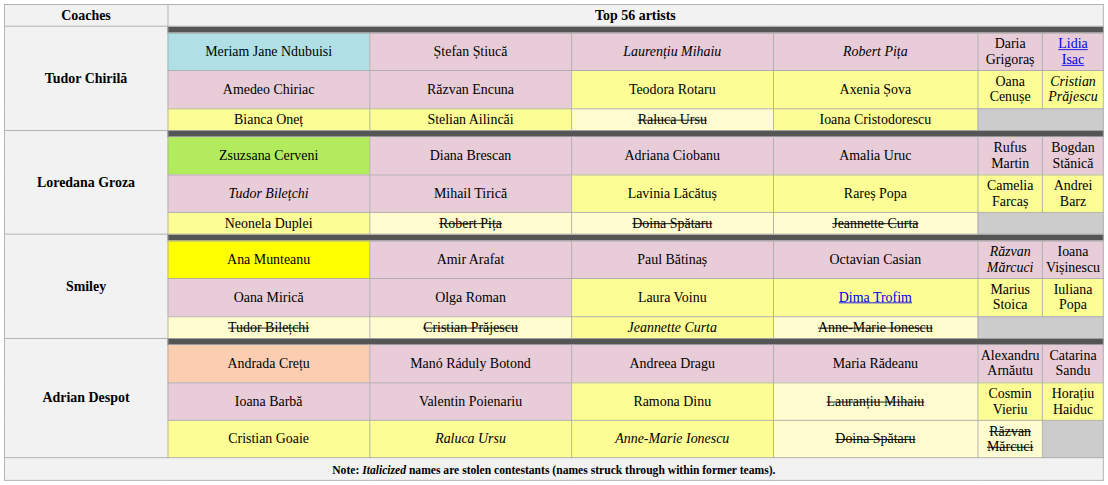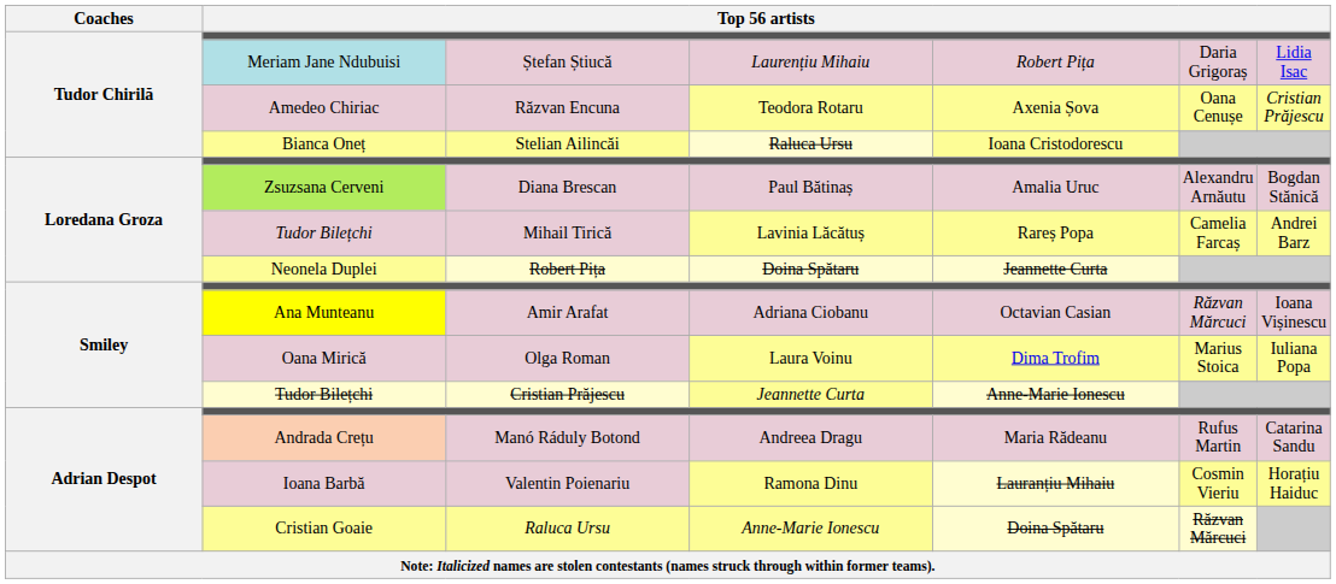 <table class="wikitable" style="text-align:center; width:100%;">
 <tr>
 <th scope="col" style="width:16%;">Coaches</th>
 <th scope="col" style="width:84%;" colspan="10">Top 56 artists</th>
 </tr>
 <tr>
 <th rowspan="4">Tudor Chirilă</th>
 <td colspan="6" style="background:#555;"></td>
 </tr>
 <tr>
 <td width="20%" width="14%" bgcolor="#B0E0E6">Meriam Jane Ndubuisi</td>
 <td width="20%" width="14%" bgcolor="#E8CCD7">Ștefan Știucă</td>
 <td width="20%" width="14%" bgcolor="#E8CCD7"><em>Laurențiu Mihaiu</em></td>
 <td bgcolor="#E8CCD7"><em>Robert Pița</em></td>
 <td width="20%" width="14%" bgcolor="#E8CCD7">Daria Grigoraș</td>
 <td width="20%" width="14%" bgcolor="#E8CCD7"><a href='#'>Lidia Isac</a></td>
 </tr>
 <tr>
 <td bgcolor="#E8CCD7">Amedeo Chiriac</td>
 <td bgcolor="#E8CCD7">Răzvan Encuna</td>
 <td bgcolor="#FDFD96">Teodora Rotaru</td>
 <td bgcolor="#FDFD96">Axenia Șova</td>
 <td bgcolor="#FDFD96">Oana Cenușe</td>
 <td bgcolor="#FDFD96"><em>Cristian Prăjescu</em></td>
 </tr>
 <tr>
 <td bgcolor="#FDFD96">Bianca Oneț</td>
 <td bgcolor="#FDFD96">Stelian Ailincăi</td>
 <td bgcolor="#FFFDD0"><s>Raluca Ursu</s></td>
 <td bgcolor="#FDFD96">Ioana Cristodorescu</td>
 <td style="background:#ccc;" colspan="2"></td>
 </tr>
 <tr>
 <th rowspan="4">Loredana Groza</th>
 <td colspan="6" style="background:#555;"></td>
 </tr>
 <tr>
 <td bgcolor="#B2EC5D">Zsuzsana Cerveni</td>
 <td bgcolor="#E8CCD7">Diana Brescan</td>
-<td bgcolor="#E8CCD7">Adriana Ciobanu</td>
+<td bgcolor="#E8CCD7">Paul Bătinaș</td>
 <td bgcolor="#E8CCD7">Amalia Uruc</td>
-<td bgcolor="#E8CCD7">Rufus Martin</td>
+<td bgcolor="#E8CCD7">Alexandru Arnăutu</td>
 <td bgcolor="#E8CCD7">Bogdan Stănică</td>
 </tr>
 <tr>
 <td bgcolor="#E8CCD7"><em>Tudor Bilețchi</em></td>
 <td bgcolor="#E8CCD7">Mihail Tirică</td>
 <td bgcolor="#FDFD96">Lavinia Lăcătuș</td>
 <td bgcolor="#FDFD96">Rareș Popa</td>
 <td bgcolor="#FDFD96">Camelia Farcaș</td>
 <td bgcolor="#FDFD96">Andrei Barz</td>
 </tr>
 <tr>
 <td bgcolor="#FDFD96">Neonela Duplei</td>
 <td bgcolor="#FFFDD0"><s>Robert Pița</s></td>
 <td bgcolor="#FFFDD0"><s>Doina Spătaru</s></td>
 <td bgcolor="#FFFDD0"><s>Jeannette Curta</s></td>
 <td style="background:#ccc;" colspan="3"></td>
 </tr>
 <tr>
 <th rowspan="4">Smiley</th>
 <td colspan="6" style="background:#555;"></td>
 </tr>
 <tr>
 <td bgcolor="yellow">Ana Munteanu</td>
 <td bgcolor="#E8CCD7">Amir Arafat</td>
-<td bgcolor="#E8CCD7">Paul Bătinaș</td>
+<td bgcolor="#E8CCD7">Adriana Ciobanu</td>
 <td bgcolor="#E8CCD7">Octavian Casian</td>
 <td bgcolor="#E8CCD7"><em>Răzvan Mărcuci</em></td>
 <td bgcolor="#E8CCD7">Ioana Vișinescu</td>
 </tr>
 <tr>
 <td bgcolor="#E8CCD7">Oana Mirică</td>
 <td bgcolor="#E8CCD7">Olga Roman</td>
 <td bgcolor="#FDFD96">Laura Voinu</td>
 <td bgcolor="#FDFD96"><a href='#'>Dima Trofim</a></td>
 <td bgcolor="#FDFD96">Marius Stoica</td>
 <td bgcolor="#FDFD96">Iuliana Popa</td>
 </tr>
 <tr>
 <td bgcolor="#FFFDD0"><s>Tudor Bilețchi</s></td>
 <td bgcolor="#FFFDD0"><s>Cristian Prăjescu</s></td>
 <td bgcolor="#FDFD96"><em>Jeannette Curta</em></td>
 <td bgcolor="#FFFDD0"><s>Anne-Marie Ionescu</s></td>
 <td style="background:#ccc;" colspan="3"></td>
 </tr>
 <tr>
 <th rowspan="4">Adrian Despot</th>
 <td colspan="6" style="background:#555;"></td>
 </tr>
 <tr>
 <td bgcolor="#FBCEB1">Andrada Crețu</td>
 <td bgcolor="#E8CCD7">Manó Ráduly Botond</td>
 <td bgcolor="#E8CCD7">Andreea Dragu</td>
 <td width="20%" width="14%" bgcolor="#E8CCD7">Maria Rădeanu</td>
-<td bgcolor="#E8CCD7">Alexandru Arnăutu</td>
+<td bgcolor="#E8CCD7">Rufus Martin</td>
 <td bgcolor="#E8CCD7">Catarina Sandu</td>
 </tr>
 <tr>
 <td bgcolor="#E8CCD7">Ioana Barbă</td>
 <td bgcolor="#E8CCD7">Valentin Poienariu</td>
 <td bgcolor="#FDFD96">Ramona Dinu</td>
 <td bgcolor="#FFFDD0"><s>Lauranțiu Mihaiu</s></td>
 <td bgcolor="#FDFD96">Cosmin Vieriu</td>
 <td bgcolor="#FDFD96">Horațiu Haiduc</td>
 </tr>
 <tr>
 <td bgcolor="#FDFD96">Cristian Goaie</td>
 <td bgcolor="#FDFD96"><em>Raluca Ursu</em></td>
 <td bgcolor="#FDFD96"><em>Anne-Marie Ionescu</em></td>
 <td bgcolor="#FFFDD0"><s>Doina Spătaru</s></td>
 <td bgcolor="#FFFDD0"><s>Răzvan Mărcuci</s></td>
 <td style="background:#ccc;" colspan="3"></td>
 </tr>
 <tr>
 <th colspan="7"><small>Note: <em>Italicized</em> names are stolen contestants (names struck through within former teams).</small></th>
 </tr>
 </table>
